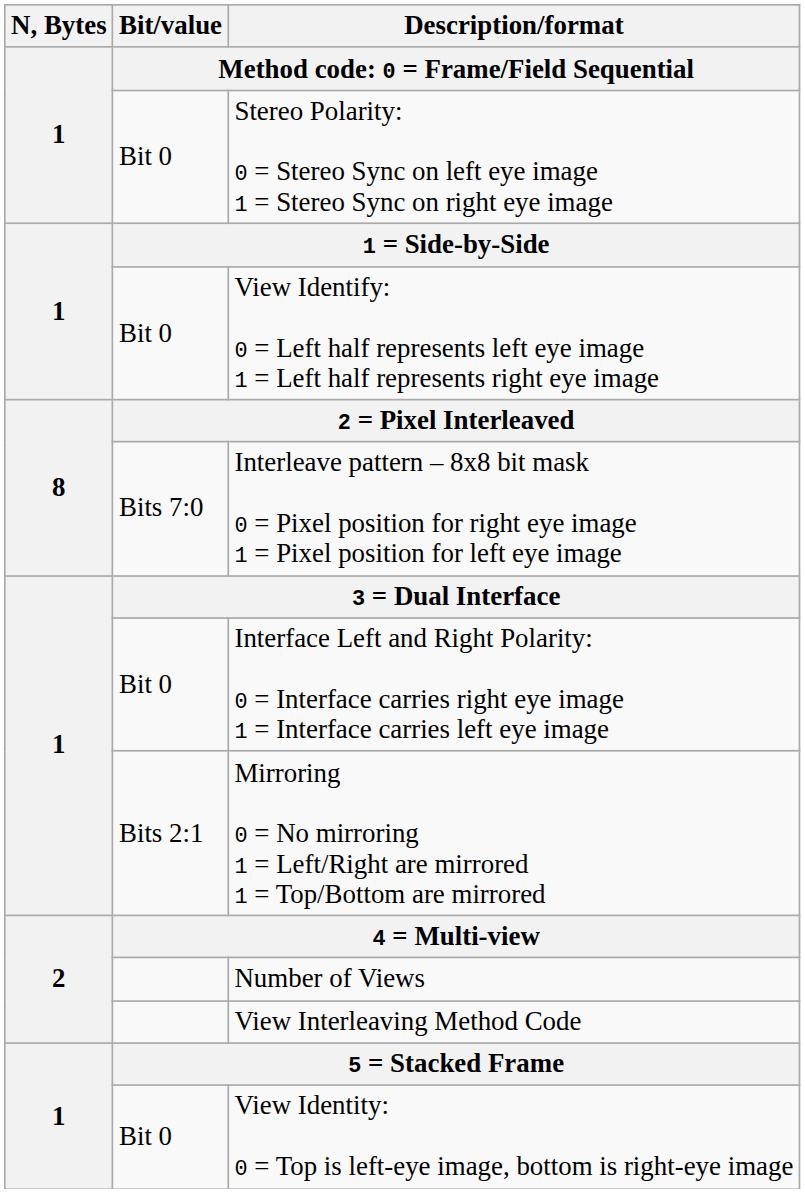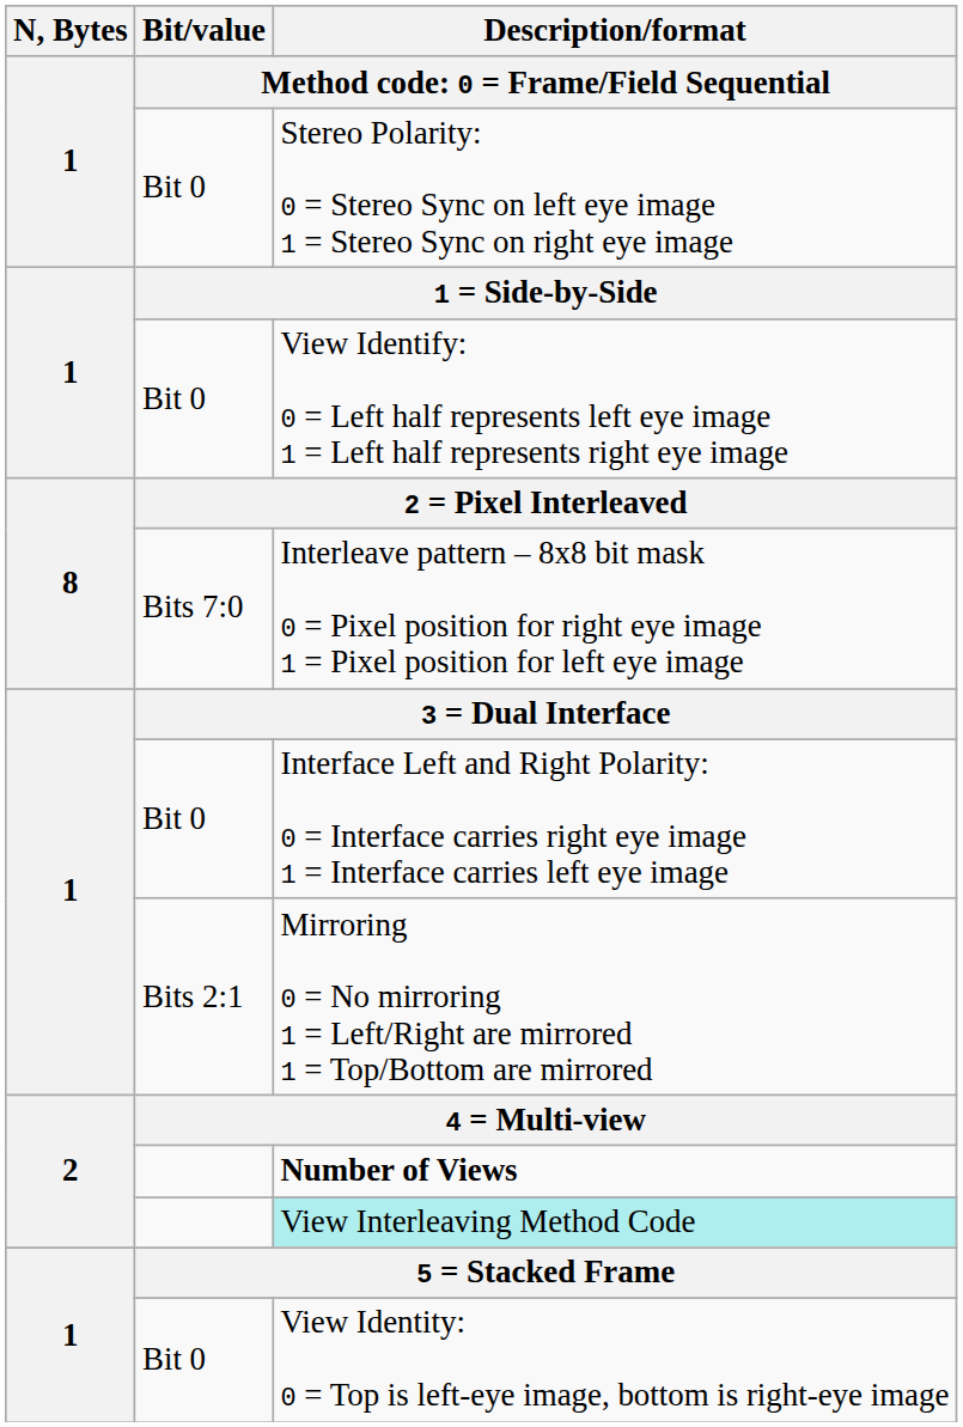 <table class=wikitable>
 <tr>
 <th>N, Bytes</th>
 <th>Bit/value</th>
 <th>Description/format</th>
 </tr>
 <tr>
 <th rowspan=2>1</th>
 <th colspan=2>Method code: <code>0</code> = Frame/Field Sequential</th>
 </tr>
 <tr>
 <td>Bit 0</td>
 <td>Stereo Polarity:<br><br><code>0</code> = Stereo Sync on left eye image<br> <code>1</code> = Stereo Sync on right eye image</td>
 </tr>
 <tr>
 <th rowspan=2>1</th>
 <th colspan=2><code>1</code> = Side-by-Side</th>
 </tr>
 <tr>
 <td>Bit 0</td>
 <td>View Identify:<br><br><code>0</code> = Left half represents left eye image<br> <code>1</code> = Left half represents right eye image</td>
 </tr>
 <tr>
 <th rowspan=2>8</th>
 <th colspan=2><code>2</code> = Pixel Interleaved</th>
 </tr>
 <tr>
 <td>Bits 7:0</td>
 <td>Interleave pattern – 8x8 bit mask<br><br><code>0</code> = Pixel position for right eye image<br> <code>1</code> = Pixel position for left eye image</td>
 </tr>
 <tr>
 <th rowspan=3>1</th>
 <th colspan=2><code>3</code> = Dual Interface</th>
 </tr>
 <tr>
 <td>Bit 0</td>
 <td>Interface Left and Right Polarity:<br><br><code>0</code> = Interface carries right eye image<br> <code>1</code> = Interface carries left eye image</td>
 </tr>
 <tr>
 <td>Bits 2:1</td>
 <td>Mirroring <br><br><code>0</code> = No mirroring<br> <code>1</code> = Left/Right are mirrored<br> <code>1</code> = Top/Bottom are mirrored</td>
 </tr>
 <tr>
 <th rowspan=3>2</th>
 <th colspan=2><code>4</code> = Multi-view</th>
 </tr>
 <tr>
 <td></td>
-<td>Number of Views</td>
+<td><strong>Number of Views</strong></td>
 </tr>
 <tr>
 <td></td>
-<td>View Interleaving Method Code</td>
+<td style="background: paleturquoise;">View Interleaving Method Code</td>
 </tr>
 <tr>
 <th rowspan=2>1</th>
 <th colspan=2><code>5</code> = Stacked Frame</th>
 </tr>
 <tr>
 <td>Bit 0</td>
 <td>View Identity:<br><br><code>0</code> = Top is left-eye image, bottom is right-eye image<br></td>
 </tr>
 </table>
